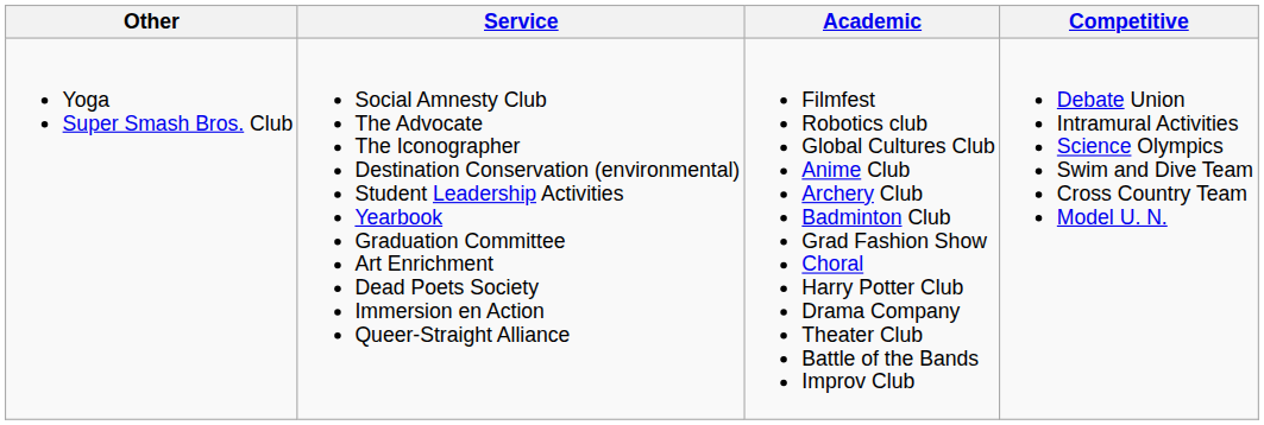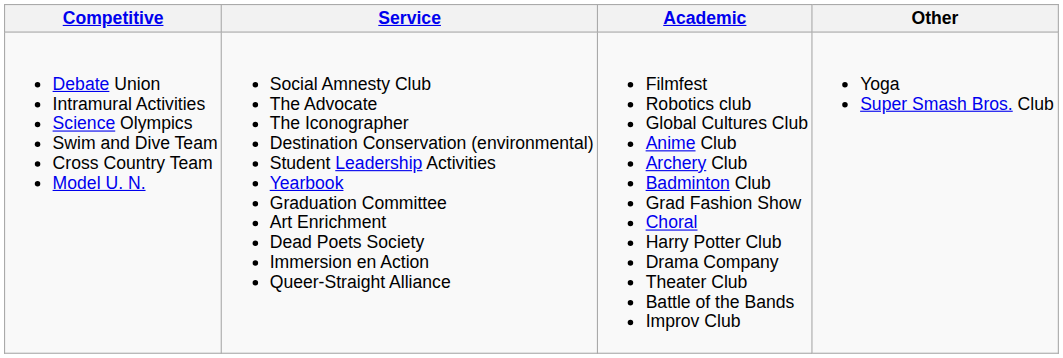 <table class="wikitable">
 <tr>
-<th>Other</th>
+<th><a href='#'>Competitive</a></th>
 <th><a href='#'>Service</a></th>
 <th><a href='#'>Academic</a></th>
-<th><a href='#'>Competitive</a></th>
+<th>Other</th>
 </tr>
 <tr style="vertical-align:top;">
-<td><br><ul><li>Yoga</li><li><a href='#'>Super Smash Bros.</a> Club</li></ul></td>
+<td><br><ul><li><a href='#'>Debate</a> Union</li><li>Intramural Activities</li><li><a href='#'>Science</a> Olympics</li><li>Swim and Dive Team</li><li>Cross Country Team</li><li><a href='#'>Model U. N.</a></li></ul></td>
 <td><br><ul><li>Social Amnesty Club</li><li>The Advocate</li><li>The Iconographer</li><li>Destination Conservation (environmental)</li><li>Student <a href='#'>Leadership</a> Activities</li><li><a href='#'>Yearbook</a></li><li>Graduation Committee</li><li>Art Enrichment</li><li>Dead Poets Society</li><li>Immersion en Action</li><li>Queer-Straight Alliance</li></ul></td>
 <td><br><ul><li>Filmfest</li><li>Robotics club</li><li>Global Cultures Club</li><li><a href='#'>Anime</a> Club</li><li><a href='#'>Archery</a> Club</li><li><a href='#'>Badminton</a> Club</li><li>Grad Fashion Show</li><li><a href='#'>Choral</a></li><li>Harry Potter Club</li><li>Drama Company</li><li>Theater Club</li><li>Battle of the Bands</li><li>Improv Club</li></ul></td>
-<td><br><ul><li><a href='#'>Debate</a> Union</li><li>Intramural Activities</li><li><a href='#'>Science</a> Olympics</li><li>Swim and Dive Team</li><li>Cross Country Team</li><li><a href='#'>Model U. N.</a></li></ul></td>
+<td><br><ul><li>Yoga</li><li><a href='#'>Super Smash Bros.</a> Club</li></ul></td>
 </tr>
 </table>
